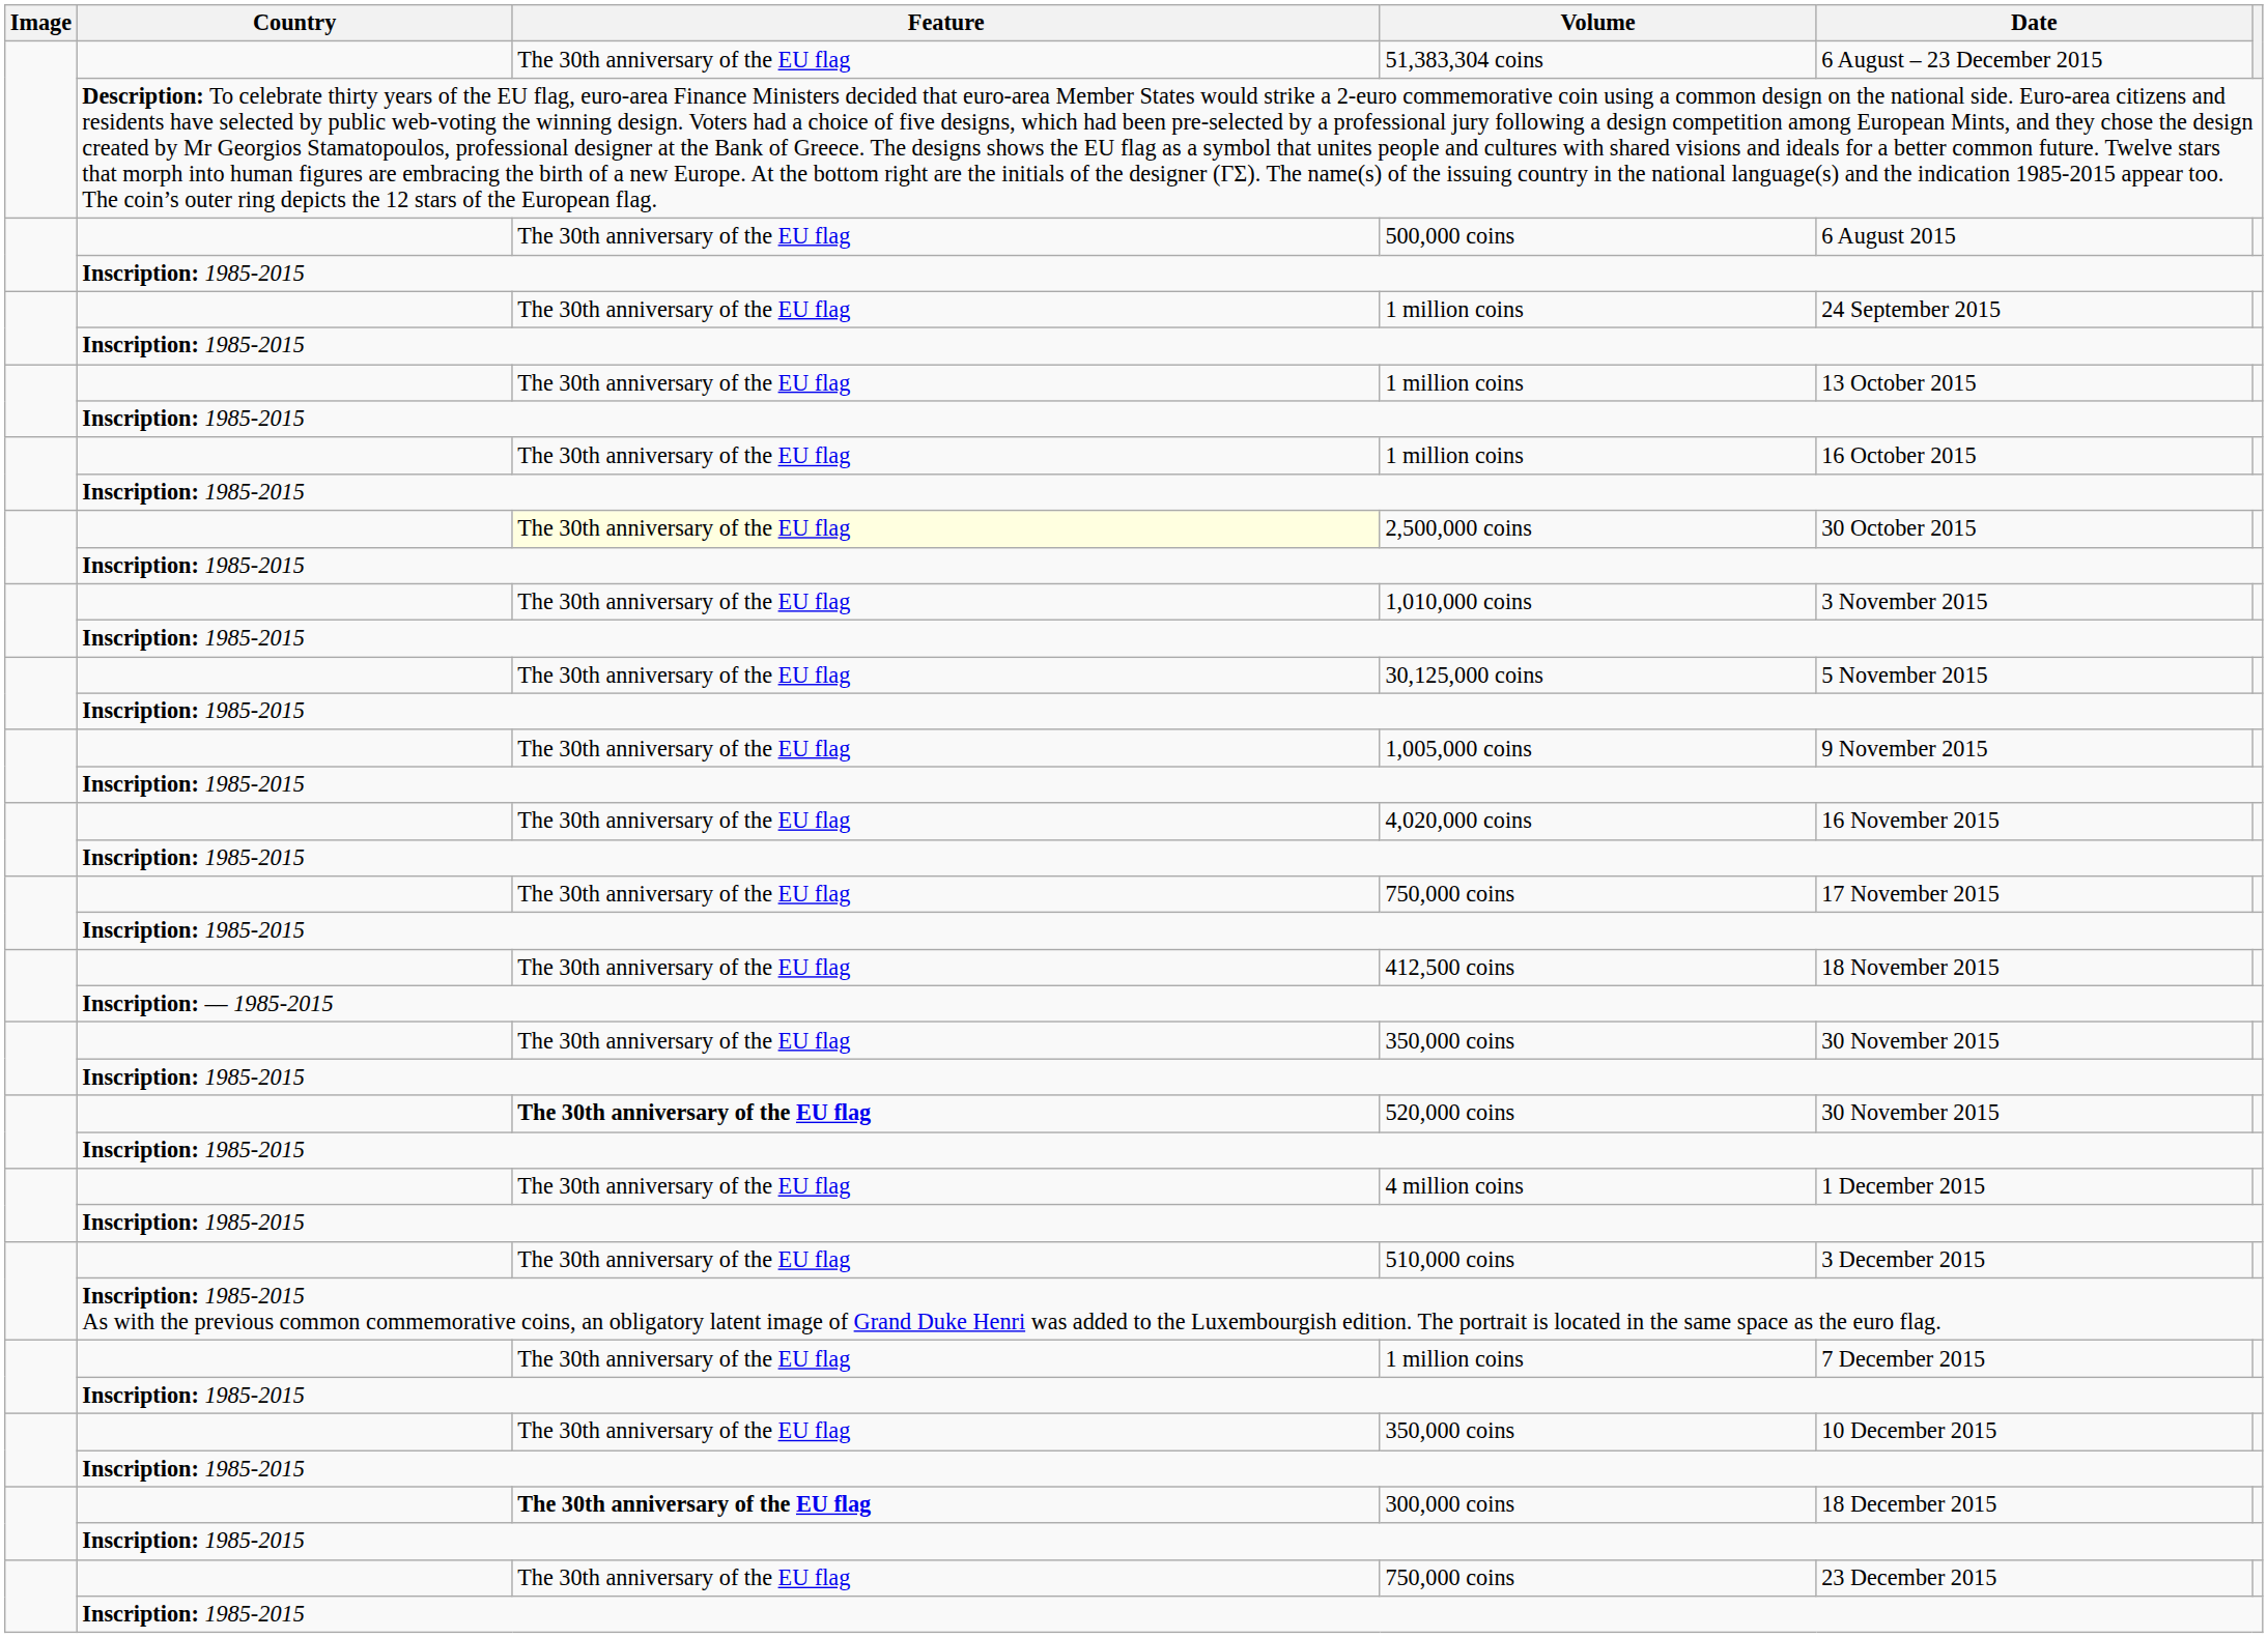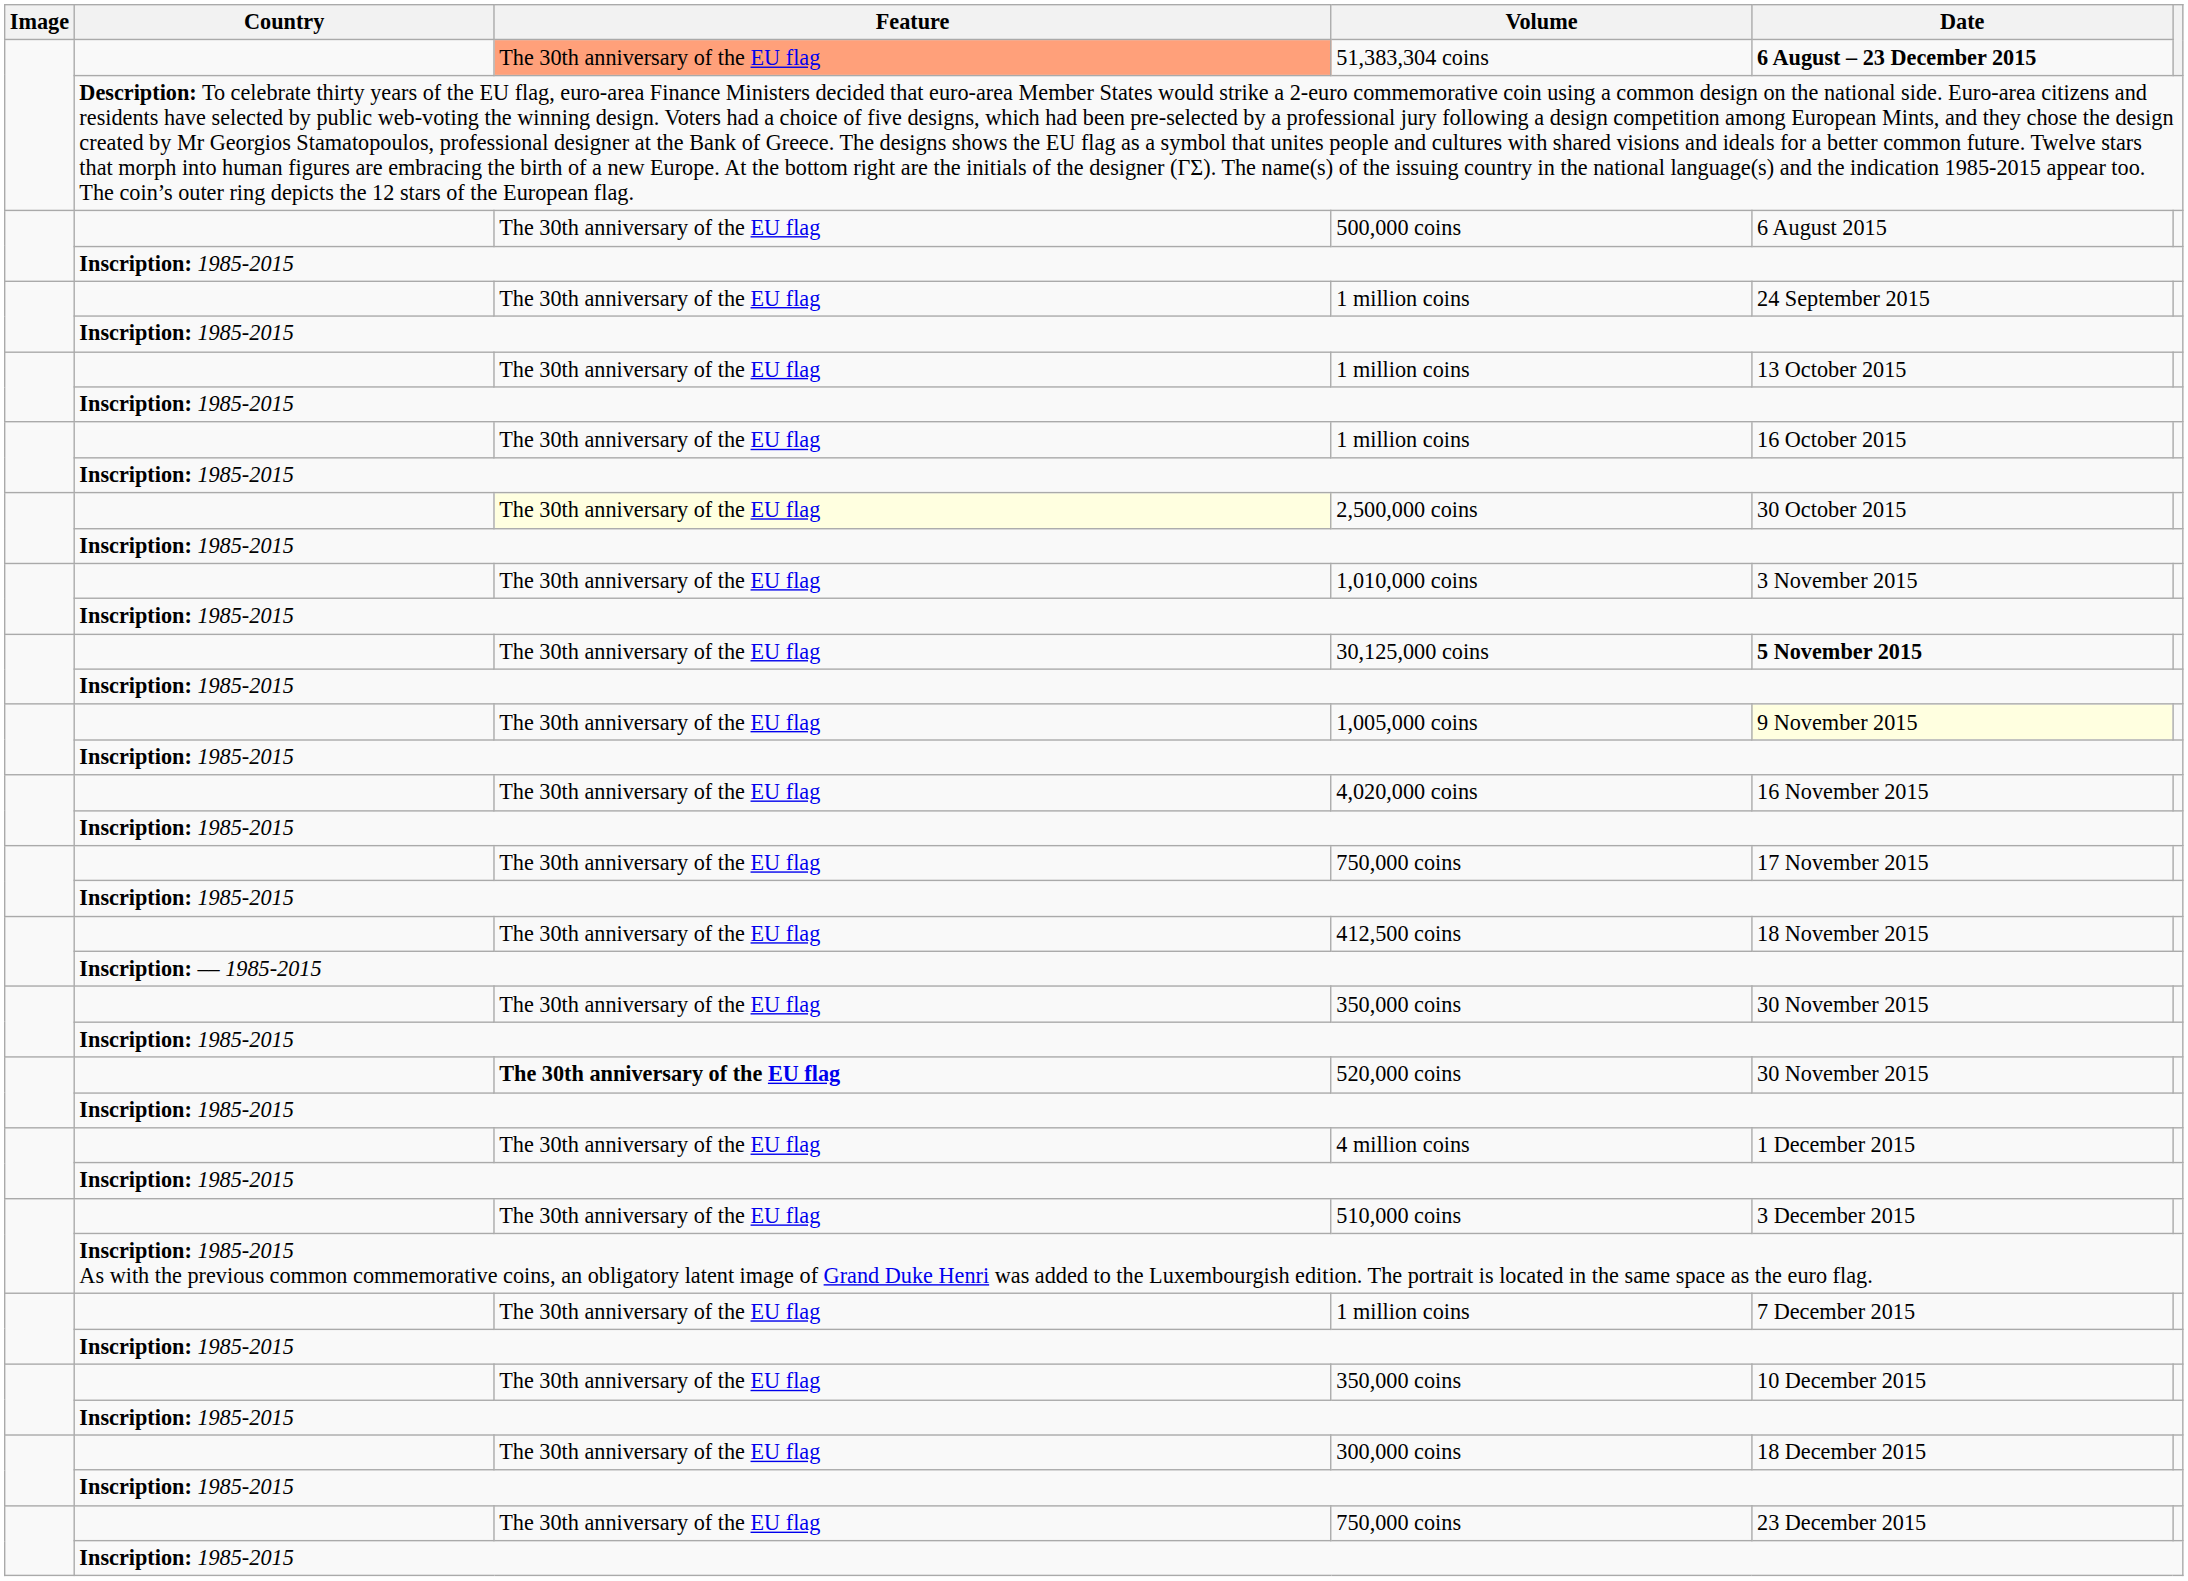 <table class="wikitable">
 <tr>
 <th>Image</th>
 <th>Country</th>
 <th>Feature</th>
 <th>Volume</th>
 <th>Date</th>
 <th rowspan="2"></th>
 </tr>
 <tr>
 <td style="width:160px;" rowspan="2"></td>
 <td style="width:20%;"></td>
-<td style="width:40%;">The 30th anniversary of the <a href='#'>EU flag</a></td>
+<td style="background: lightsalmon; width:40%;">The 30th anniversary of the <a href='#'>EU flag</a></td>
 <td style="width:20%;">51,383,304 coins</td>
-<td style="width:20%;">6 August – 23 December 2015</td>
+<td style="width:20%;"><strong>6 August – 23 December 2015</strong></td>
 </tr>
 <tr>
 <td colspan="5"><strong>Description:</strong> To celebrate thirty years of the EU flag, euro-area Finance Ministers decided that euro-area Member States would strike a 2-euro commemorative coin using a common design on the national side. Euro-area citizens and residents have selected by public web-voting the winning design. Voters had a choice of five designs, which had been pre-selected by a professional jury following a design competition among European Mints, and they chose the design created by Mr Georgios Stamatopoulos, professional designer at the Bank of Greece. The designs shows the EU flag as a symbol that unites people and cultures with shared visions and ideals for a better common future. Twelve stars that morph into human figures are embracing the birth of a new Europe. At the bottom right are the initials of the designer (ΓΣ). The name(s) of the issuing country in the national language(s) and the indication 1985-2015 appear too. The coin’s outer ring depicts the 12 stars of the European flag.</td>
 </tr>
 <tr>
 <td style="width:160px;" rowspan="2"></td>
 <td style="width:20%;"></td>
 <td style="width:40%;">The 30th anniversary of the <a href='#'>EU flag</a></td>
 <td style="width:20%;">500,000 coins</td>
 <td style="width:20%;">6 August 2015</td>
 <td></td>
 </tr>
 <tr>
 <td colspan="5"><strong>Inscription:</strong>   <em>1985-2015</em></td>
 </tr>
 <tr>
 <td rowspan="2" style="width:160px;"></td>
 <td style="width:20%;"></td>
 <td style="width:40%;">The 30th anniversary of the <a href='#'>EU flag</a></td>
 <td style="width:20%;">1 million coins</td>
 <td style="width:20%;">24 September 2015</td>
 <td></td>
 </tr>
 <tr>
 <td colspan="5"><strong>Inscription:</strong>  <em>1985-2015</em></td>
 </tr>
 <tr>
 <td rowspan="2" style="width:160px;"></td>
 <td style="width:20%;"></td>
 <td style="width:40%;">The 30th anniversary of the <a href='#'>EU flag</a></td>
 <td style="width:20%;">1 million coins</td>
 <td style="width:20%;">13 October 2015</td>
 <td></td>
 </tr>
 <tr>
 <td colspan="5"><strong>Inscription:</strong>  <em>1985-2015</em></td>
 </tr>
 <tr>
 <td rowspan="2" style="width:160px;"></td>
 <td style="width:20%;"></td>
 <td style="width:40%;">The 30th anniversary of the <a href='#'>EU flag</a></td>
 <td style="width:20%;">1 million coins</td>
 <td style="width:20%;">16 October 2015</td>
 <td></td>
 </tr>
 <tr>
 <td colspan="5"><strong>Inscription:</strong>   <em>1985-2015</em></td>
 </tr>
 <tr>
 <td rowspan="2" style="width:160px;"></td>
 <td style="width:20%;"></td>
 <td style="background: lightyellow; width:40%;">The 30th anniversary of the <a href='#'>EU flag</a></td>
 <td style="width:20%;">2,500,000 coins</td>
 <td style="width:20%;">30 October 2015</td>
 <td></td>
 </tr>
 <tr>
 <td colspan="5"><strong>Inscription:</strong>  <em>1985-2015</em></td>
 </tr>
 <tr>
 <td rowspan="2" style="width:160px;"></td>
 <td style="width:20%;"></td>
 <td style="width:40%;">The 30th anniversary of the <a href='#'>EU flag</a></td>
 <td style="width:20%;">1,010,000 coins</td>
 <td style="width:20%;">3 November 2015</td>
 <td></td>
 </tr>
 <tr>
 <td colspan="5"><strong>Inscription:</strong>  <em>1985-2015</em></td>
 </tr>
 <tr>
 <td rowspan="2" style="width:160px;"></td>
 <td style="width:20%;"></td>
 <td style="width:40%;">The 30th anniversary of the <a href='#'>EU flag</a></td>
 <td style="width:20%;">30,125,000 coins</td>
-<td style="width:20%;">5 November 2015</td>
+<td style="width:20%;"><strong>5 November 2015</strong></td>
 <td></td>
 </tr>
 <tr>
 <td colspan="5"><strong>Inscription:</strong>  <em>1985-2015</em></td>
 </tr>
 <tr>
 <td rowspan="2" style="width:160px;"></td>
 <td style="width:20%;"></td>
 <td style="width:40%;">The 30th anniversary of the <a href='#'>EU flag</a></td>
 <td style="width:20%;">1,005,000 coins</td>
-<td style="width:20%;">9 November 2015</td>
+<td style="background: lightyellow; width:20%;">9 November 2015</td>
 <td></td>
 </tr>
 <tr>
 <td colspan="5"><strong>Inscription:</strong>  <em>1985-2015</em></td>
 </tr>
 <tr>
 <td rowspan="2" style="width:160px;"></td>
 <td style="width:20%;"></td>
 <td style="width:40%;">The 30th anniversary of the <a href='#'>EU flag</a></td>
 <td style="width:20%;">4,020,000 coins</td>
 <td style="width:20%;">16 November 2015</td>
 <td></td>
 </tr>
 <tr>
 <td colspan="5"><strong>Inscription:</strong>  <em>1985-2015</em></td>
 </tr>
 <tr>
 <td rowspan="2" style="width:160px;"></td>
 <td style="width:20%;"></td>
 <td style="width:40%;">The 30th anniversary of the <a href='#'>EU flag</a></td>
 <td style="width:20%;">750,000 coins</td>
 <td style="width:20%;">17 November 2015</td>
 <td></td>
 </tr>
 <tr>
 <td colspan="5"><strong>Inscription:</strong>  <em>1985-2015</em></td>
 </tr>
 <tr>
 <td rowspan="2" style="width:160px;"></td>
 <td style="width:20%;"></td>
 <td style="width:40%;">The 30th anniversary of the <a href='#'>EU flag</a></td>
 <td style="width:20%;">412,500 coins</td>
 <td style="width:20%;">18 November 2015</td>
 <td></td>
 </tr>
 <tr>
 <td colspan="5"><strong>Inscription:</strong> <em>––</em> <em>1985-2015</em></td>
 </tr>
 <tr>
 <td rowspan="2" style="width:160px;"></td>
 <td style="width:20%;"></td>
 <td style="width:40%;">The 30th anniversary of the <a href='#'>EU flag</a></td>
 <td style="width:20%;">350,000 coins</td>
 <td style="width:20%;">30 November 2015</td>
 <td></td>
 </tr>
 <tr>
 <td colspan="5"><strong>Inscription:</strong> <em></em>  <em>1985-2015</em></td>
 </tr>
 <tr>
 <td rowspan="2" style="width:160px;"></td>
 <td style="width:20%;"></td>
 <td style="width:40%;"><strong>The 30th anniversary of the <a href='#'>EU flag</a></strong></td>
 <td style="width:20%;">520,000 coins</td>
 <td style="width:20%;">30 November 2015</td>
 <td></td>
 </tr>
 <tr>
 <td colspan="5"><strong>Inscription:</strong>  <em>1985-2015</em></td>
 </tr>
 <tr>
 <td rowspan="2" style="width:160px;"></td>
 <td style="width:20%;"></td>
 <td style="width:40%;">The 30th anniversary of the <a href='#'>EU flag</a></td>
 <td style="width:20%;">4 million coins</td>
 <td style="width:20%;">1 December 2015</td>
 <td></td>
 </tr>
 <tr>
 <td colspan="5"><strong>Inscription:</strong>  <em>1985-2015</em></td>
 </tr>
 <tr>
 <td rowspan="2" style="width:160px;"></td>
 <td style="width:20%;"></td>
 <td style="width:40%;">The 30th anniversary of the <a href='#'>EU flag</a></td>
 <td style="width:20%;">510,000 coins</td>
 <td style="width:20%;">3 December 2015</td>
 <td></td>
 </tr>
 <tr>
 <td colspan="5"><strong>Inscription:</strong>  <em>1985-2015</em><br>As with the previous common commemorative coins, an obligatory latent image of <a href='#'>Grand Duke Henri</a> was added to the Luxembourgish edition. The portrait is located in the same space as the euro flag.</td>
 </tr>
 <tr>
 <td rowspan="2" style="width:160px;"></td>
 <td style="width:20%;"></td>
 <td style="width:40%;">The 30th anniversary of the <a href='#'>EU flag</a></td>
 <td style="width:20%;">1 million coins</td>
 <td style="width:20%;">7 December 2015</td>
 <td></td>
 </tr>
 <tr>
 <td colspan="5"><strong>Inscription:</strong>  <em>1985-2015</em></td>
 </tr>
 <tr>
 <td rowspan="2" style="width:160px;"></td>
 <td style="width:20%;"></td>
 <td style="width:40%;">The 30th anniversary of the <a href='#'>EU flag</a></td>
 <td style="width:20%;">350,000 coins</td>
 <td style="width:20%;">10 December 2015</td>
 <td></td>
 </tr>
 <tr>
 <td colspan="5"><strong>Inscription:</strong>  <em>1985-2015</em></td>
 </tr>
 <tr>
 <td rowspan="2" style="width:160px;"></td>
 <td style="width:20%;"></td>
-<td style="width:40%;"><strong>The 30th anniversary of the <a href='#'>EU flag</a></strong></td>
+<td style="width:40%;">The 30th anniversary of the <a href='#'>EU flag</a></td>
 <td style="width:20%;">300,000 coins</td>
 <td style="width:20%;">18 December 2015</td>
 <td></td>
 </tr>
 <tr>
 <td colspan="5"><strong>Inscription:</strong>  <em>1985-2015</em></td>
 </tr>
 <tr>
 <td rowspan="2" style="width:160px;"></td>
 <td style="width:20%;"></td>
 <td style="width:40%;">The 30th anniversary of the <a href='#'>EU flag</a></td>
 <td style="width:20%;">750,000 coins</td>
 <td style="width:20%;">23 December 2015</td>
 <td></td>
 </tr>
 <tr>
 <td colspan="5"><strong>Inscription:</strong> <em></em> <em>1985-2015</em></td>
 </tr>
 </table>
